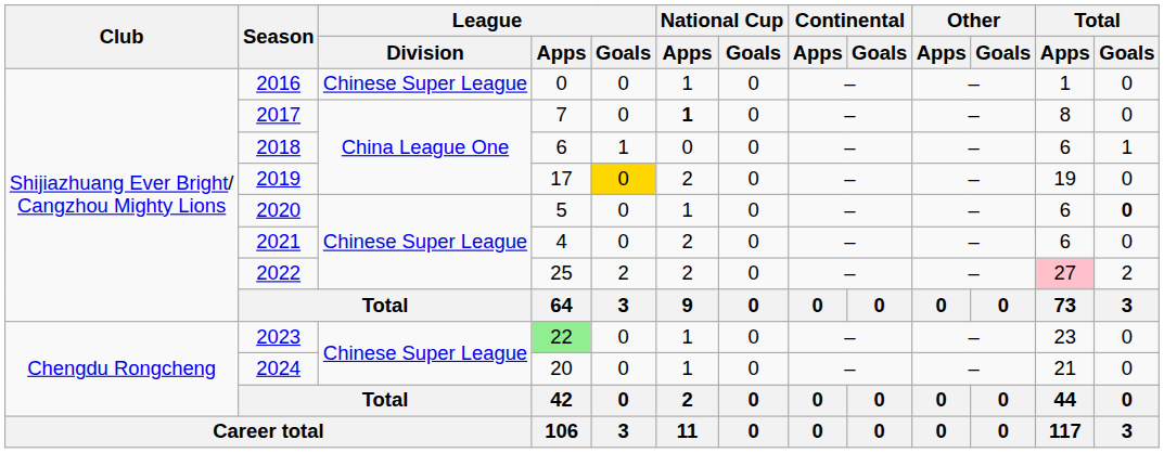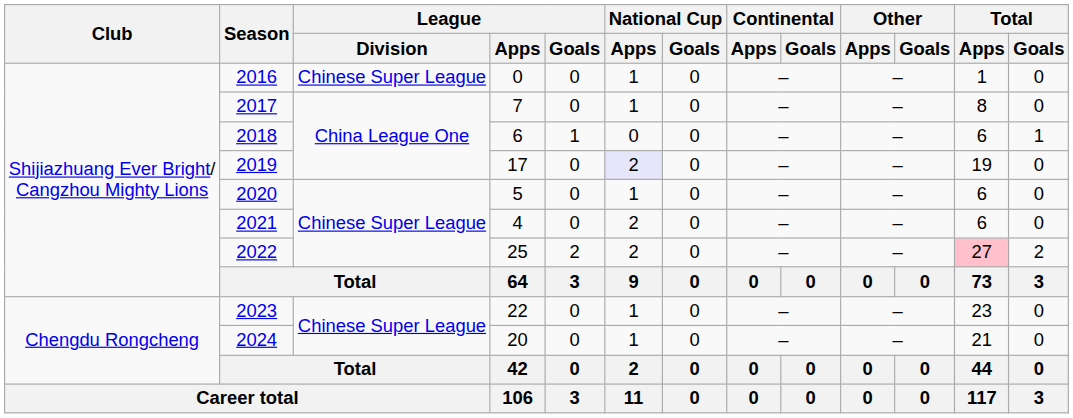 <table class="wikitable" style="text-align: center">
 <tr>
 <th rowspan="2">Club</th>
 <th rowspan="2">Season</th>
 <th colspan="3">League</th>
 <th colspan="2">National Cup</th>
 <th colspan="2">Continental</th>
 <th colspan="2">Other</th>
 <th colspan="2">Total</th>
 </tr>
 <tr>
 <th>Division</th>
 <th>Apps</th>
 <th>Goals</th>
 <th>Apps</th>
 <th>Goals</th>
 <th>Apps</th>
 <th>Goals</th>
 <th>Apps</th>
 <th>Goals</th>
 <th>Apps</th>
 <th>Goals</th>
 </tr>
 <tr>
 <td rowspan=8><a href='#'>Shijiazhuang Ever Bright</a>/<br><a href='#'>Cangzhou Mighty Lions</a></td>
 <td><a href='#'>2016</a></td>
 <td><a href='#'>Chinese Super League</a></td>
 <td>0</td>
 <td>0</td>
 <td>1</td>
 <td>0</td>
 <td colspan="2">–</td>
 <td colspan="2">–</td>
 <td>1</td>
 <td>0</td>
 </tr>
 <tr>
 <td><a href='#'>2017</a></td>
 <td rowspan="3"><a href='#'>China League One</a></td>
 <td>7</td>
 <td>0</td>
-<td><strong>1</strong></td>
+<td>1</td>
 <td>0</td>
 <td colspan="2">–</td>
 <td colspan="2">–</td>
 <td>8</td>
 <td>0</td>
 </tr>
 <tr>
 <td><a href='#'>2018</a></td>
 <td>6</td>
 <td>1</td>
 <td>0</td>
 <td>0</td>
 <td colspan="2">–</td>
 <td colspan="2">–</td>
 <td>6</td>
 <td>1</td>
 </tr>
 <tr>
 <td><a href='#'>2019</a></td>
 <td>17</td>
-<td style="background: gold;">0</td>
-<td>2</td>
+<td>0</td>
+<td style="background: lavender;">2</td>
 <td>0</td>
 <td colspan="2">–</td>
 <td colspan="2">–</td>
 <td>19</td>
 <td>0</td>
 </tr>
 <tr>
 <td><a href='#'>2020</a></td>
 <td rowspan=3><a href='#'>Chinese Super League</a></td>
 <td>5</td>
 <td>0</td>
 <td>1</td>
 <td>0</td>
 <td colspan="2">–</td>
 <td colspan="2">–</td>
 <td>6</td>
-<td><strong>0</strong></td>
+<td>0</td>
 </tr>
 <tr>
 <td><a href='#'>2021</a></td>
 <td>4</td>
 <td>0</td>
 <td>2</td>
 <td>0</td>
 <td colspan="2">–</td>
 <td colspan="2">–</td>
 <td>6</td>
 <td>0</td>
 </tr>
 <tr>
 <td><a href='#'>2022</a></td>
 <td>25</td>
 <td>2</td>
 <td>2</td>
 <td>0</td>
 <td colspan="2">–</td>
 <td colspan="2">–</td>
 <td style="background: pink;">27</td>
 <td>2</td>
 </tr>
 <tr>
 <th colspan=2>Total</th>
 <th>64</th>
 <th>3</th>
 <th>9</th>
 <th>0</th>
 <th>0</th>
 <th>0</th>
 <th>0</th>
 <th>0</th>
 <th>73</th>
 <th>3</th>
 </tr>
 <tr>
 <td rowspan=3><a href='#'>Chengdu Rongcheng</a></td>
 <td><a href='#'>2023</a></td>
 <td rowspan=2><a href='#'>Chinese Super League</a></td>
-<td style="background: lightgreen;">22</td>
+<td>22</td>
 <td>0</td>
 <td>1</td>
 <td>0</td>
 <td colspan="2">–</td>
 <td colspan="2">–</td>
 <td>23</td>
 <td>0</td>
 </tr>
 <tr>
 <td><a href='#'>2024</a></td>
 <td>20</td>
 <td>0</td>
 <td>1</td>
 <td>0</td>
 <td colspan="2">–</td>
 <td colspan="2">–</td>
 <td>21</td>
 <td>0</td>
 </tr>
 <tr>
 <th colspan=2>Total</th>
 <th>42</th>
 <th>0</th>
 <th>2</th>
 <th>0</th>
 <th>0</th>
 <th>0</th>
 <th>0</th>
 <th>0</th>
 <th>44</th>
 <th>0</th>
 </tr>
 <tr>
 <th colspan=3>Career total</th>
 <th>106</th>
 <th>3</th>
 <th>11</th>
 <th>0</th>
 <th>0</th>
 <th>0</th>
 <th>0</th>
 <th>0</th>
 <th>117</th>
 <th>3</th>
 </tr>
 </table>
